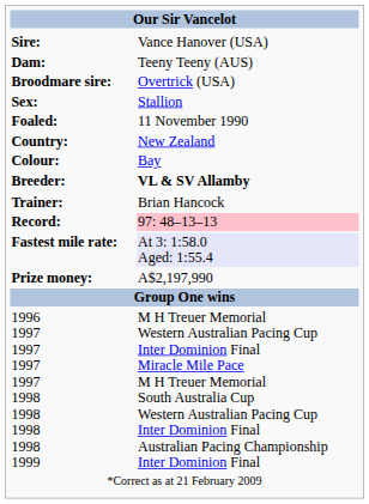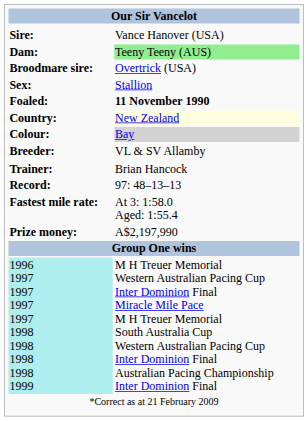 <table class="infobox" style="width:25em;">
 <tr style="text-align:center;">
 <th colspan="2" bgcolor="#b0c4de"><strong>Our Sir Vancelot</strong></th>
 </tr>
 <tr>
 <td colspan="2" style="text-align:center;"></td>
 </tr>
 <tr>
 <th align="left">Sire:</th>
 <td>Vance Hanover (USA)</td>
 </tr>
 <tr>
 <th align="left">Dam:</th>
-<td>Teeny Teeny (AUS)</td>
+<td style="background: lightgreen;">Teeny Teeny (AUS)</td>
 </tr>
 <tr>
 <th align="left">Broodmare sire:</th>
 <td><a href='#'>Overtrick</a> (USA)</td>
 </tr>
 <tr>
 <th align="left">Sex:</th>
 <td><a href='#'>Stallion</a></td>
 </tr>
 <tr>
 <th align="left">Foaled:</th>
-<td>11 November 1990</td>
+<td><strong>11 November 1990</strong></td>
 </tr>
 <tr>
 <th align="left">Country:</th>
-<td><a href='#'>New Zealand</a></td>
+<td style="background: lightyellow;"><a href='#'>New Zealand</a></td>
 </tr>
 <tr>
 <th align="left">Colour:</th>
-<td><a href='#'>Bay</a></td>
+<td style="background: lightgrey;"><a href='#'>Bay</a></td>
 </tr>
 <tr>
 <th align="left">Breeder:</th>
-<td><strong>VL & SV Allamby</strong></td>
+<td>VL & SV Allamby</td>
 </tr>
 <tr>
 </tr>
 <tr>
 <th align="left">Trainer:</th>
 <td>Brian Hancock</td>
 </tr>
 <tr>
 <th align="left">Record:</th>
-<td style="background: pink;">97: 48–13–13</td>
+<td>97: 48–13–13</td>
 </tr>
 <tr>
 <th align="left">Fastest mile rate:</th>
-<td style="background: lavender;">At 3: 1:58.0<br>Aged: 1:55.4</td>
+<td>At 3: 1:58.0<br>Aged: 1:55.4</td>
 </tr>
 <tr>
 <th align="left">Prize money:</th>
 <td>A$2,197,990</td>
 </tr>
 <tr>
 <th colspan="2" bgcolor="#b0c4de"><strong>Group One wins</strong></th>
 </tr>
 <tr style="vertical-align: top;">
-<td>1996<br>1997<br>1997<br>1997<br>1997<br>1998<br>1998<br>1998<br>1998<br>1999</td>
+<td style="background: paleturquoise;">1996<br>1997<br>1997<br>1997<br>1997<br>1998<br>1998<br>1998<br>1998<br>1999</td>
 <td>M H Treuer Memorial<br>Western Australian Pacing Cup<br><a href='#'>Inter Dominion</a> Final<br><a href='#'>Miracle Mile Pace</a><br>M H Treuer Memorial<br>South Australia Cup<br>Western Australian Pacing Cup<br><a href='#'>Inter Dominion</a> Final<br>Australian Pacing Championship<br><a href='#'>Inter Dominion</a> Final</td>
 </tr>
 <tr>
 <td colspan="3" style="text-align:center; font-size:smaller;">*Correct as at 21 February 2009</td>
 </tr>
 <tr>
 <td colspan="3" style="text-align:center; font-size:smaller;"></td>
 </tr>
 </table>
